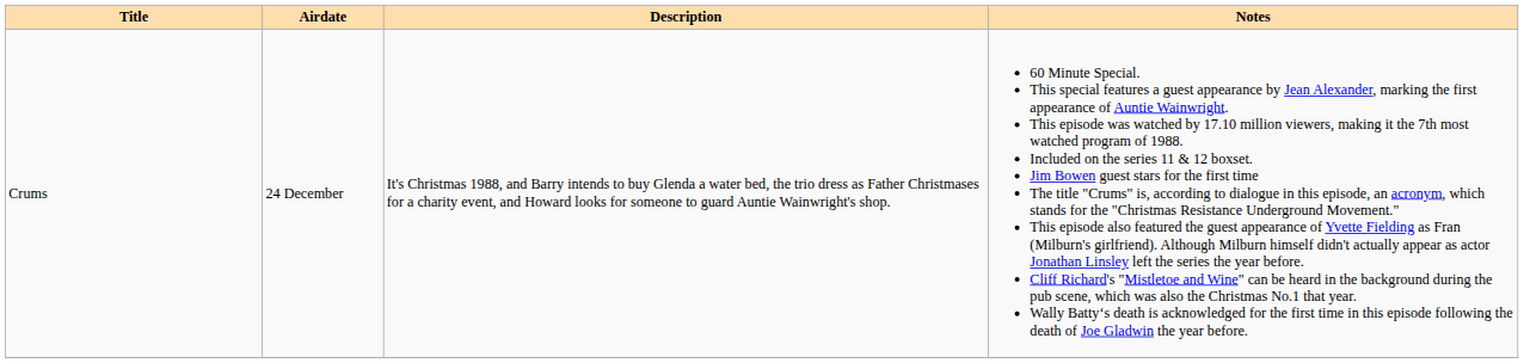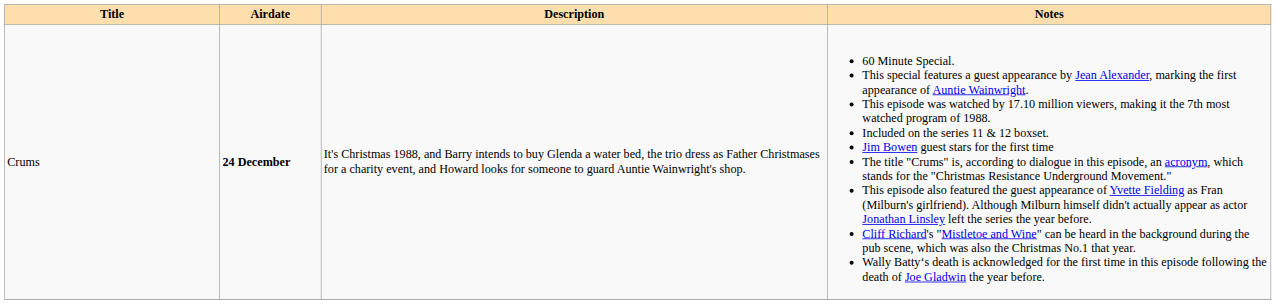 <table class="wikitable" width=100% border=1 style="font-size: 95%">
 <tr>
 <th style="background:#ffdead" width=17%>Title</th>
 <th style="background:#ffdead" width=8%>Airdate</th>
 <th style="background:#ffdead" width=40%>Description</th>
 <th style="background:#ffdead" width=35%>Notes</th>
 </tr>
 <tr>
 <td>Crums</td>
-<td>24 December</td>
+<td><strong>24 December</strong></td>
 <td>It's Christmas 1988, and Barry intends to buy Glenda a water bed, the trio dress as Father Christmases for a charity event, and Howard looks for someone to guard Auntie Wainwright's shop.</td>
 <td><br><ul><li>60 Minute Special.</li><li>This special features a guest appearance by <a href='#'>Jean Alexander</a>, marking the first appearance of <a href='#'>Auntie Wainwright</a>.</li><li>This episode was watched by 17.10 million viewers, making it the 7th most watched program of 1988.</li><li>Included on the series 11 & 12 boxset.</li><li><a href='#'>Jim Bowen</a> guest stars for the first time</li><li>The title "Crums" is, according to dialogue in this episode, an <a href='#'>acronym</a>, which stands for the "Christmas Resistance Underground Movement."</li><li>This episode also featured the guest appearance of <a href='#'>Yvette Fielding</a> as Fran (Milburn's girlfriend). Although Milburn himself didn't actually appear as actor <a href='#'>Jonathan Linsley</a> left the series the year before.</li><li><a href='#'>Cliff Richard</a>'s "<a href='#'>Mistletoe and Wine</a>" can be heard in the background during the pub scene, which was also the Christmas No.1 that year.</li><li>Wally Batty‘s death is acknowledged for the first time in this episode following the death of <a href='#'>Joe Gladwin</a> the year before.</li></ul></td>
 </tr>
 <tr>
 </tr>
 </table>
